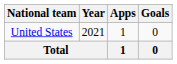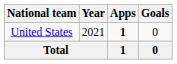 <table class="wikitable" style="text-align:center">
 <tr>
 <th>National team</th>
 <th>Year</th>
 <th>Apps</th>
 <th>Goals</th>
 </tr>
 <tr>
 <td rowspan="1"><a href='#'>United States</a></td>
 <td>2021</td>
-<td>1</td>
+<td><strong>1</strong></td>
 <td>0</td>
 </tr>
 <tr>
 <th colspan="2">Total</th>
 <th>1</th>
 <th>0</th>
 </tr>
 </table>
